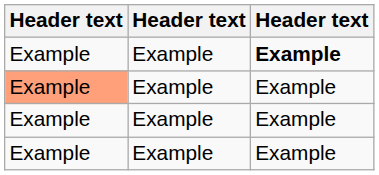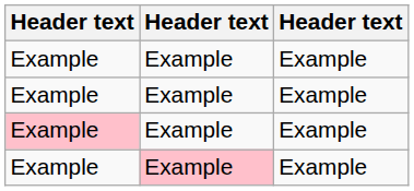 <table class="wikitable">
 <tr>
 <th>Header text</th>
 <th>Header text</th>
 <th>Header text</th>
-</tr>
-<tr>
-<td>Example</td>
-<td>Example</td>
-<td><strong>Example</strong></td>
-</tr>
-<tr>
-<td style="background: lightsalmon;">Example</td>
-<td>Example</td>
-<td>Example</td>
 </tr>
 <tr>
 <td>Example</td>
 <td>Example</td>
 <td>Example</td>
 </tr>
 <tr>
 <td>Example</td>
 <td>Example</td>
 <td>Example</td>
 </tr>
+<tr>
+<td style="background: pink;">Example</td>
+<td>Example</td>
+<td>Example</td>
+</tr>
+<tr>
+<td>Example</td>
+<td style="background: pink;">Example</td>
+<td>Example</td>
+</tr>
 </table>
